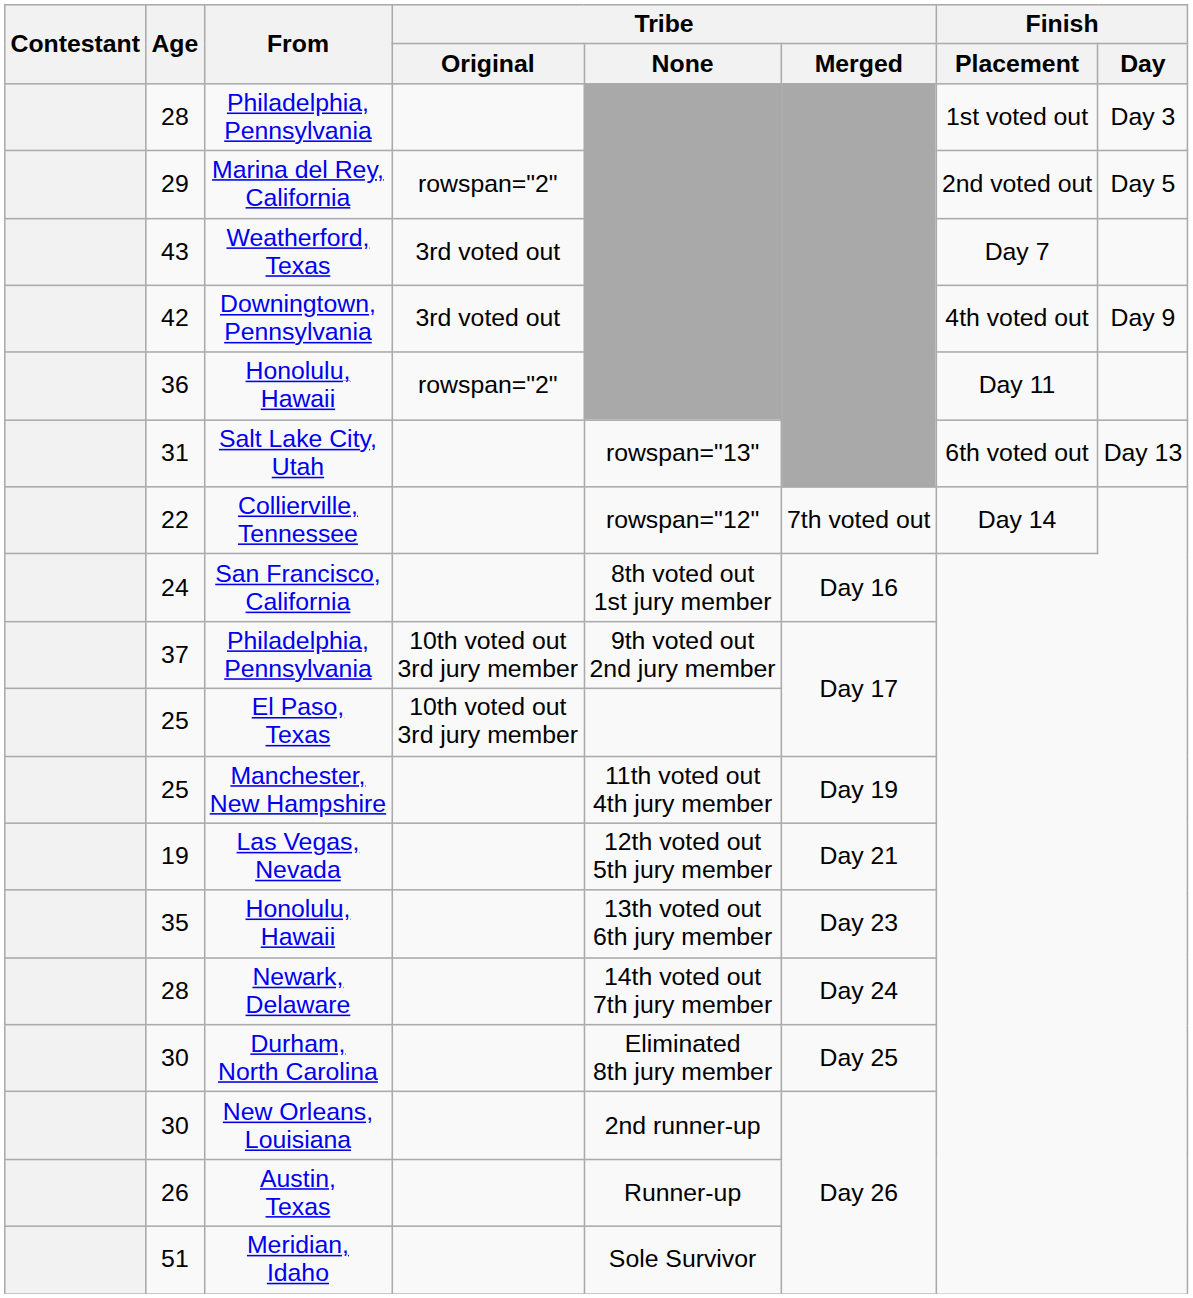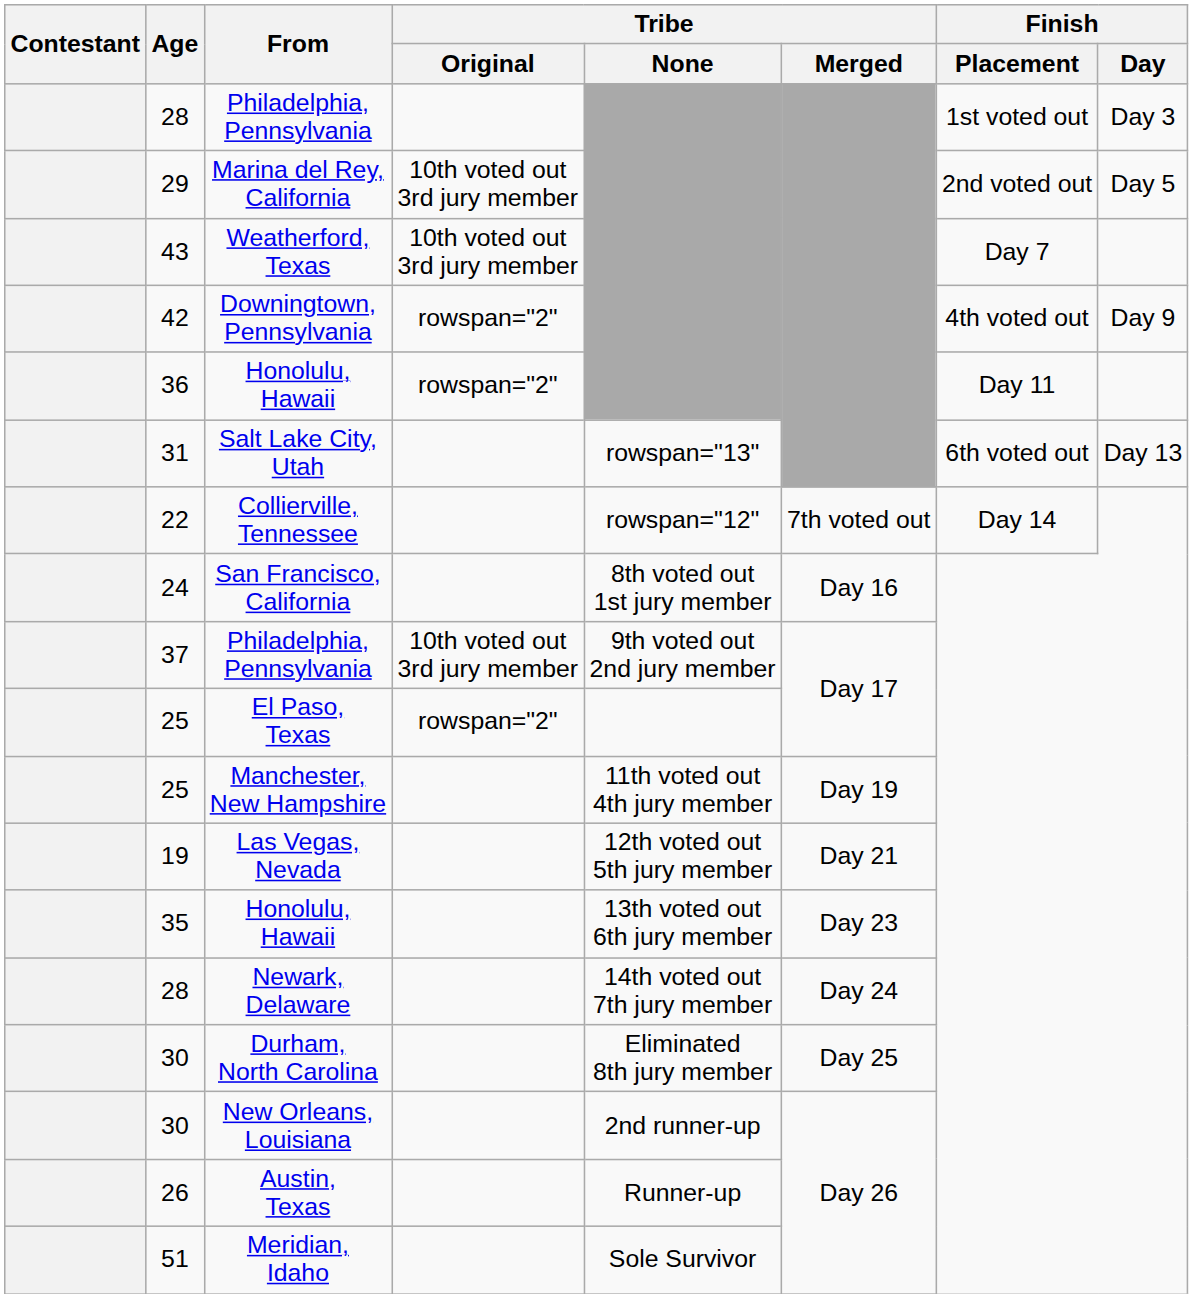 <table class="wikitable sortable" style="text-align:center;">
 <tr>
 <th rowspan="2" scope="col">Contestant</th>
 <th rowspan="2" scope="col">Age</th>
 <th rowspan="2" scope="col" class=unsortable>From</th>
 <th colspan="3" scope="colgroup">Tribe</th>
 <th colspan="2" scope="colgroup">Finish</th>
 </tr>
 <tr>
 <th scope="col">Original</th>
 <th scope="col" class=unsortable>None</th>
 <th scope="col" class=unsortable>Merged</th>
 <th scope="col" class=unsortable>Placement</th>
 <th scope="col" class=unsortable>Day</th>
 </tr>
 <tr>
 <th scope="row" style="text-align:left"></th>
 <td>28</td>
 <td><a href='#'>Philadelphia,<br>Pennsylvania</a></td>
 <td></td>
 <td rowspan="5" bgcolor="darkgray"></td>
 <td rowspan="6" bgcolor="darkgray"></td>
 <td>1st voted out</td>
 <td>Day 3</td>
 </tr>
 <tr>
 <th scope="row" style="text-align:left"></th>
 <td>29</td>
 <td><a href='#'>Marina del Rey,<br>California</a></td>
-<td>rowspan="2" </td>
+<td>10th voted out<br>3rd jury member</td>
 <td>2nd voted out</td>
 <td>Day 5</td>
 </tr>
 <tr>
 <th scope="row" style="text-align:left"></th>
 <td>43</td>
 <td><a href='#'>Weatherford,<br>Texas</a></td>
-<td>3rd voted out</td>
+<td>10th voted out<br>3rd jury member</td>
 <td>Day 7</td>
 </tr>
 <tr>
 <th scope="row" style="text-align:left"></th>
 <td>42</td>
 <td><a href='#'>Downingtown,<br>Pennsylvania</a></td>
-<td>3rd voted out</td>
+<td>rowspan="2" </td>
 <td>4th voted out</td>
 <td>Day 9</td>
 </tr>
 <tr>
 <th scope="row" style="text-align:left"></th>
 <td>36</td>
 <td><a href='#'>Honolulu,<br>Hawaii</a></td>
 <td>rowspan="2" </td>
 <td>Day 11</td>
 </tr>
 <tr>
 <th scope="row" style="text-align:left"></th>
 <td>31</td>
 <td><a href='#'>Salt Lake City,<br>Utah</a></td>
 <td></td>
 <td>rowspan="13" </td>
 <td>6th voted out</td>
 <td>Day 13</td>
 </tr>
 <tr>
 <th scope="row" style="text-align:left"></th>
 <td>22</td>
 <td><a href='#'>Collierville,<br>Tennessee</a></td>
 <td></td>
 <td>rowspan="12" </td>
 <td>7th voted out</td>
 <td>Day 14</td>
 </tr>
 <tr>
 <th scope="row" style="text-align:left"></th>
 <td>24</td>
 <td><a href='#'>San Francisco,<br>California</a></td>
 <td></td>
 <td>8th voted out<br>1st jury member</td>
 <td>Day 16</td>
 </tr>
 <tr>
 <th scope="row" style="text-align:left"></th>
 <td>37</td>
 <td><a href='#'>Philadelphia,<br>Pennsylvania</a></td>
 <td>10th voted out<br>3rd jury member</td>
 <td>9th voted out<br>2nd jury member</td>
 <td rowspan="2">Day 17</td>
 </tr>
 <tr>
 <th scope="row" style="text-align:left"></th>
 <td>25</td>
 <td><a href='#'>El Paso,<br>Texas</a></td>
-<td>10th voted out<br>3rd jury member</td>
+<td>rowspan="2" </td>
 </tr>
 <tr>
 <th scope="row" style="text-align:left"></th>
 <td>25</td>
 <td><a href='#'>Manchester,<br>New Hampshire</a></td>
 <td></td>
 <td>11th voted out<br>4th jury member</td>
 <td>Day 19</td>
 </tr>
 <tr>
 <th scope="row" style="text-align:left"></th>
 <td>19</td>
 <td><a href='#'>Las Vegas,<br>Nevada</a></td>
 <td></td>
 <td>12th voted out<br>5th jury member</td>
 <td>Day 21</td>
 </tr>
 <tr>
 <th scope="row" style="text-align:left"></th>
 <td>35</td>
 <td><a href='#'>Honolulu,<br>Hawaii</a></td>
 <td></td>
 <td>13th voted out<br>6th jury member</td>
 <td>Day 23</td>
 </tr>
 <tr>
 <th scope="row" style="text-align:left"></th>
 <td>28</td>
 <td><a href='#'>Newark,<br>Delaware</a></td>
 <td></td>
 <td>14th voted out<br>7th jury member</td>
 <td>Day 24</td>
 </tr>
 <tr>
 <th scope="row" style="text-align:left"></th>
 <td>30</td>
 <td><a href='#'>Durham,<br>North Carolina</a></td>
 <td></td>
 <td>Eliminated<br>8th jury member</td>
 <td>Day 25</td>
 </tr>
 <tr>
 <th scope="row" style="text-align:left"></th>
 <td>30</td>
 <td><a href='#'>New Orleans,<br>Louisiana</a></td>
 <td></td>
 <td>2nd runner-up</td>
 <td rowspan="3">Day 26</td>
 </tr>
 <tr>
 <th scope="row" style="text-align:left"></th>
 <td>26</td>
 <td><a href='#'>Austin,<br>Texas</a></td>
 <td></td>
 <td>Runner-up</td>
 </tr>
 <tr>
 <th scope="row" style="text-align:left"></th>
 <td>51</td>
 <td><a href='#'>Meridian,<br>Idaho</a></td>
 <td></td>
 <td>Sole Survivor</td>
 </tr>
 <tr>
 </tr>
 </table>
